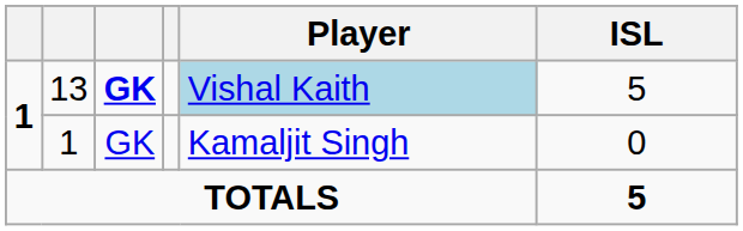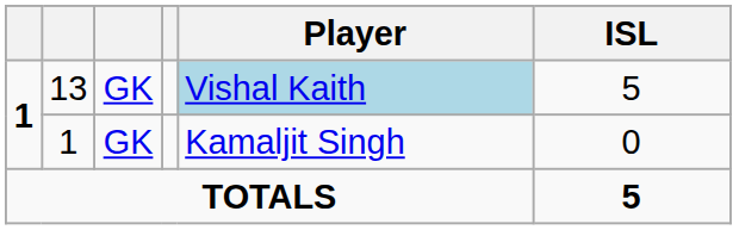 <table class="wikitable" style="font-size: 95%; text-align: center;">
 <tr>
 <th rowspan="1" !width=15></th>
 <th rowspan="1" !width=15></th>
 <th rowspan="1" !width=15></th>
 <th rowspan="1" !width=15></th>
 <th width=150>Player</th>
 <th width=80>ISL</th>
 </tr>
 <tr>
 <td rowspan=2><strong>1</strong></td>
 <td>13</td>
-<td><strong><a href='#'>GK</a></strong></td>
+<td><a href='#'>GK</a></td>
 <td></td>
 <td align=left style="background: lightblue;"><a href='#'>Vishal Kaith</a></td>
 <td>5</td>
 </tr>
 <tr>
 <td>1</td>
 <td><a href='#'>GK</a></td>
 <td></td>
 <td align=left><a href='#'>Kamaljit Singh</a></td>
 <td>0</td>
 </tr>
 <tr>
 <td colspan="5"><strong>TOTALS</strong></td>
 <td><strong>5</strong></td>
 </tr>
 </table>
